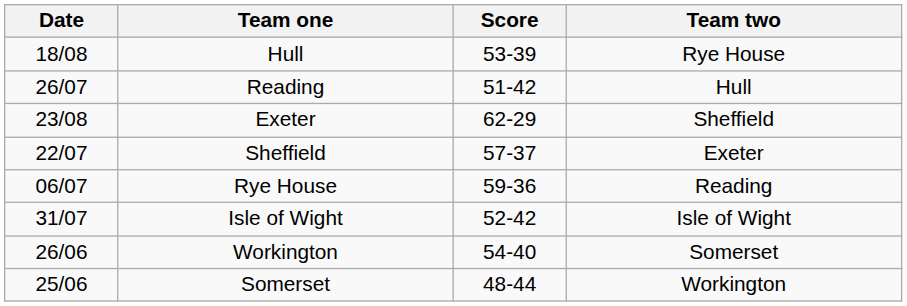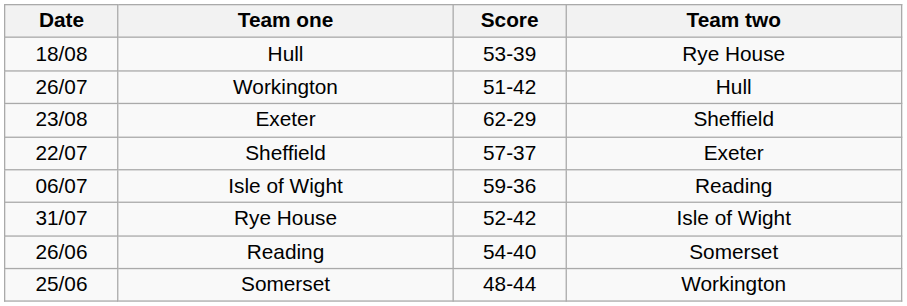 <table class="wikitable" style="text-align: center">
 <tr>
 <th width=80>Date</th>
 <th width=250>Team one</th>
 <th width=80>Score</th>
 <th width=250>Team two</th>
 </tr>
 <tr>
 <td>18/08</td>
 <td>Hull</td>
 <td>53-39</td>
 <td>Rye House</td>
 </tr>
 <tr>
 <td>26/07</td>
-<td>Reading</td>
+<td>Workington</td>
 <td>51-42</td>
 <td>Hull</td>
 </tr>
 <tr>
 <td>23/08</td>
 <td>Exeter</td>
 <td>62-29</td>
 <td>Sheffield</td>
 </tr>
 <tr>
 <td>22/07</td>
 <td>Sheffield</td>
 <td>57-37</td>
 <td>Exeter</td>
 </tr>
 <tr>
 <td>06/07</td>
-<td>Rye House</td>
+<td>Isle of Wight</td>
 <td>59-36</td>
 <td>Reading</td>
 </tr>
 <tr>
 <td>31/07</td>
-<td>Isle of Wight</td>
+<td>Rye House</td>
 <td>52-42</td>
 <td>Isle of Wight</td>
 </tr>
 <tr>
 <td>26/06</td>
-<td>Workington</td>
+<td>Reading</td>
 <td>54-40</td>
 <td>Somerset</td>
 </tr>
 <tr>
 <td>25/06</td>
 <td>Somerset</td>
 <td>48-44</td>
 <td>Workington</td>
 </tr>
 </table>
